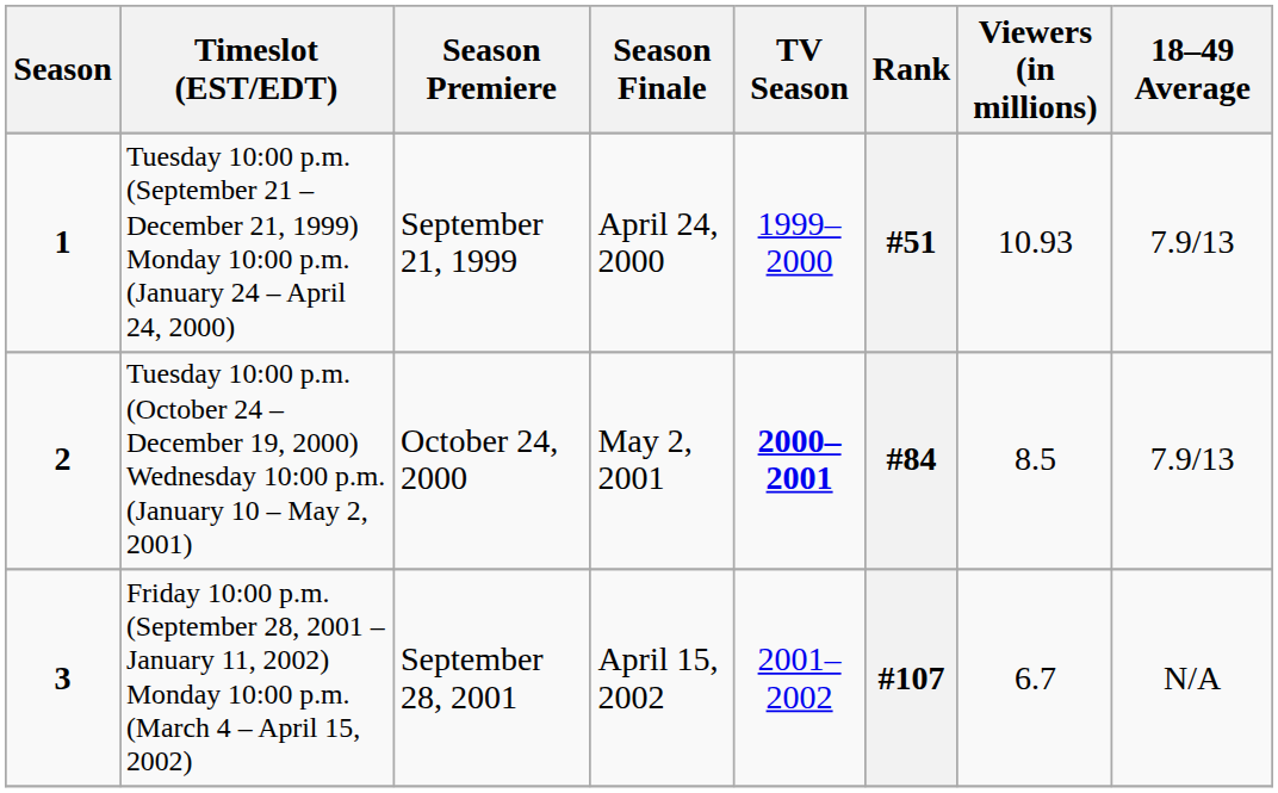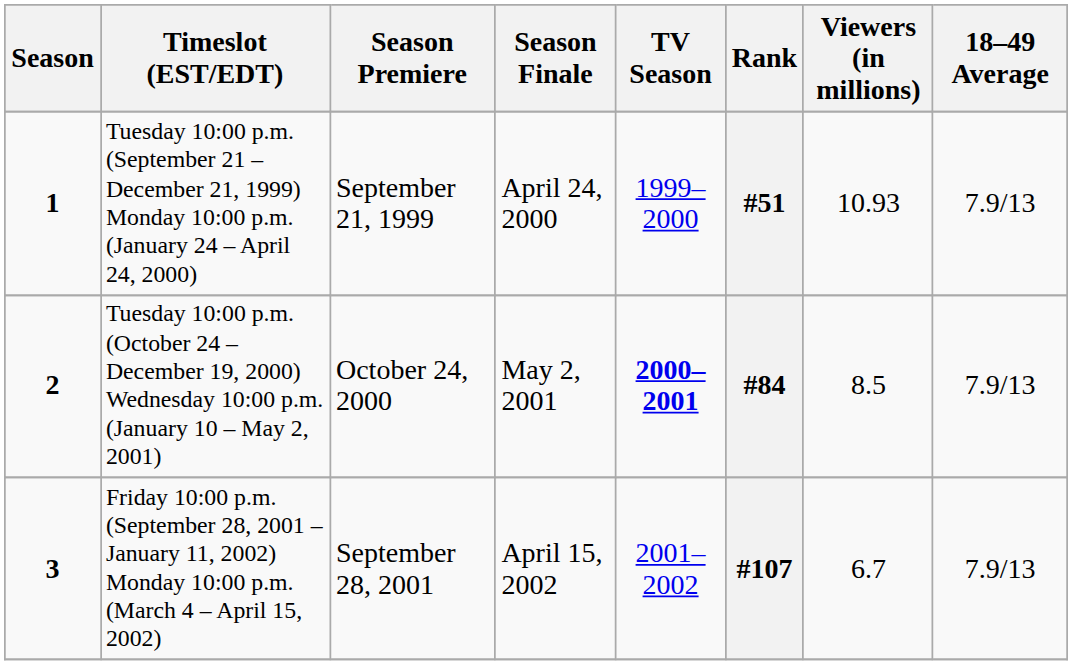 <table class="wikitable">
 <tr>
 <th>Season</th>
 <th>Timeslot (EST/EDT)</th>
 <th>Season Premiere</th>
 <th>Season Finale</th>
 <th>TV Season</th>
 <th>Rank</th>
 <th>Viewers<br>(in millions)</th>
 <th>18–49 Average</th>
 </tr>
 <tr>
 </tr>
 <tr style="background-color:#F9F9F9">
 <th style="background:#F9F9F9;text-align:center"><strong>1</strong></th>
 <th style="background:#F9F9F9;font-size:85%;font-weight:normal;text-align:left;line-height:120%">Tuesday 10:00 p.m.<br>(September 21 – December 21, 1999)<br>Monday 10:00 p.m.<br>(January 24 – April 24, 2000)</th>
 <td>September 21, 1999</td>
 <td>April 24, 2000</td>
 <td style="text-align:center"><a href='#'>1999–2000</a></td>
 <th style="text-align:center">#51</th>
 <td style="text-align:center">10.93</td>
 <td style="text-align:center">7.9/13</td>
 </tr>
 <tr>
 </tr>
 <tr style="background-color:#F9F9F9">
 <th style="background:#F9F9F9;text-align:center"><strong>2</strong></th>
 <th style="background:#F9F9F9;font-size:85%;font-weight:normal;text-align:left;line-height:120%">Tuesday 10:00 p.m.<br>(October 24 – December 19, 2000)<br>Wednesday 10:00 p.m.<br>(January 10 – May 2, 2001)</th>
 <td>October 24, 2000</td>
 <td>May 2, 2001</td>
 <td style="text-align:center"><strong><a href='#'>2000–2001</a></strong></td>
 <th style="text-align:center">#84</th>
 <td style="text-align:center">8.5</td>
 <td style="text-align:center">7.9/13</td>
 </tr>
 <tr>
 </tr>
 <tr style="background-color:#F9F9F9">
 <th style="background:#F9F9F9;text-align:center"><strong>3</strong></th>
 <th style="background:#F9F9F9;font-size:85%;font-weight:normal;text-align:left;line-height:120%">Friday 10:00 p.m.<br>(September 28, 2001 – January 11, 2002)<br>Monday 10:00 p.m.<br>(March 4 – April 15, 2002)</th>
 <td>September 28, 2001</td>
 <td>April 15, 2002</td>
 <td style="text-align:center"><a href='#'>2001–2002</a></td>
 <th style="text-align:center">#107</th>
 <td style="text-align:center">6.7</td>
-<td style="text-align:center">N/A</td>
+<td style="text-align:center">7.9/13</td>
 </tr>
 <tr>
 </tr>
 </table>
